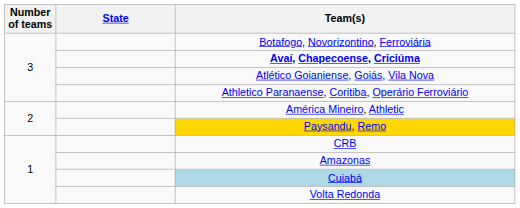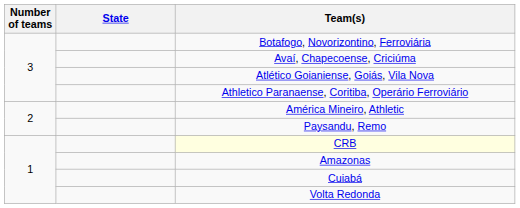 <table class="wikitable" style="text-align:center">
 <tr>
 <th width=70>Number<br>of teams</th>
 <th width=170><a href='#'>State</a></th>
 <th width=500>Team(s)</th>
 </tr>
 <tr>
 <td rowspan=4>3</td>
 <td align=left></td>
 <td><a href='#'>Botafogo</a>, <a href='#'>Novorizontino</a>, <a href='#'>Ferroviária</a></td>
 </tr>
 <tr>
 <td align=left></td>
-<td><strong><a href='#'>Avaí</a>, <a href='#'>Chapecoense</a>, <a href='#'>Criciúma</a></strong></td>
+<td><a href='#'>Avaí</a>, <a href='#'>Chapecoense</a>, <a href='#'>Criciúma</a></td>
 </tr>
 <tr>
 <td align=left></td>
 <td><a href='#'>Atlético Goianiense</a>, <a href='#'>Goiás</a>, <a href='#'>Vila Nova</a></td>
 </tr>
 <tr>
 <td align=left></td>
 <td><a href='#'>Athletico Paranaense</a>, <a href='#'>Coritiba</a>, <a href='#'>Operário Ferroviário</a></td>
 </tr>
 <tr>
 <td rowspan=2>2</td>
 <td align=left></td>
 <td><a href='#'>América Mineiro</a>, <a href='#'>Athletic</a></td>
 </tr>
 <tr>
 <td align=left></td>
-<td style="background: gold;"><a href='#'>Paysandu</a>, <a href='#'>Remo</a></td>
+<td><a href='#'>Paysandu</a>, <a href='#'>Remo</a></td>
 </tr>
 <tr>
 <td rowspan=4>1</td>
 <td align=left></td>
-<td><a href='#'>CRB</a></td>
+<td style="background: lightyellow;"><a href='#'>CRB</a></td>
 </tr>
 <tr>
 <td align=left></td>
 <td><a href='#'>Amazonas</a></td>
 </tr>
 <tr>
 <td align=left></td>
-<td style="background: lightblue;"><a href='#'>Cuiabá</a></td>
+<td><a href='#'>Cuiabá</a></td>
 </tr>
 <tr>
 <td align=left></td>
 <td><a href='#'>Volta Redonda</a></td>
 </tr>
 </table>
